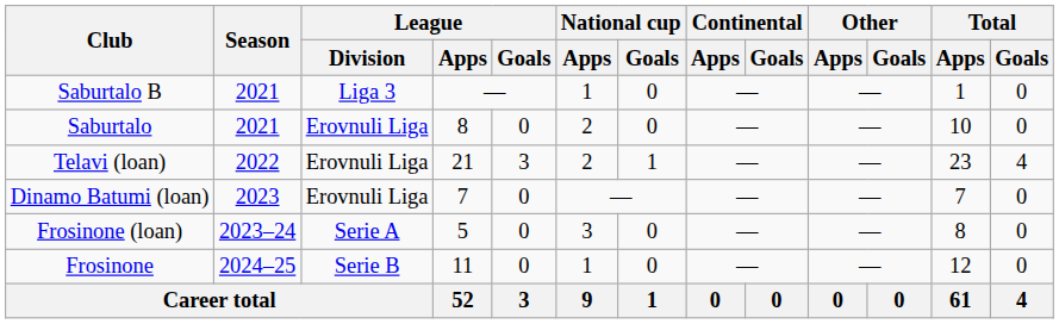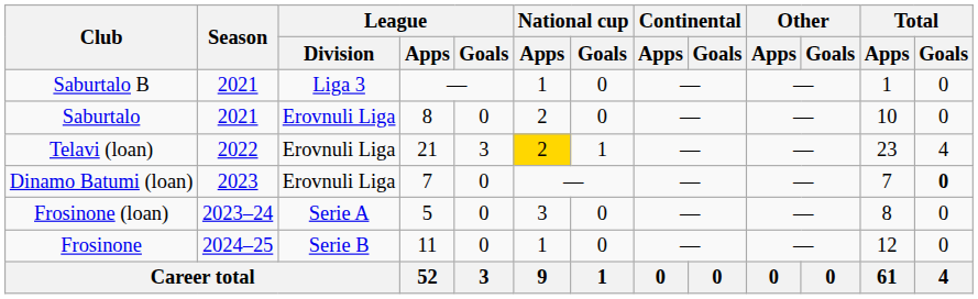 <table class="wikitable" style="text-align:center">
 <tr>
 <th rowspan="2">Club</th>
 <th rowspan="2">Season</th>
 <th colspan="3">League</th>
 <th colspan="2">National cup</th>
 <th colspan="2">Continental</th>
 <th colspan="2">Other</th>
 <th colspan="2">Total</th>
 </tr>
 <tr>
 <th>Division</th>
 <th>Apps</th>
 <th>Goals</th>
 <th>Apps</th>
 <th>Goals</th>
 <th>Apps</th>
 <th>Goals</th>
 <th>Apps</th>
 <th>Goals</th>
 <th>Apps</th>
 <th>Goals</th>
 </tr>
 <tr>
 <td><a href='#'>Saburtalo</a> B</td>
 <td><a href='#'>2021</a></td>
 <td><a href='#'>Liga 3</a></td>
 <td colspan="2">—</td>
 <td>1</td>
 <td>0</td>
 <td colspan="2">—</td>
 <td colspan="2">—</td>
 <td>1</td>
 <td>0</td>
 </tr>
 <tr>
 <td><a href='#'>Saburtalo</a></td>
 <td><a href='#'>2021</a></td>
 <td><a href='#'>Erovnuli Liga</a></td>
 <td>8</td>
 <td>0</td>
 <td>2</td>
 <td>0</td>
 <td colspan="2">—</td>
 <td colspan="2">—</td>
 <td>10</td>
 <td>0</td>
 </tr>
 <tr>
 <td><a href='#'>Telavi</a> (loan)</td>
 <td><a href='#'>2022</a></td>
 <td>Erovnuli Liga</td>
 <td>21</td>
 <td>3</td>
-<td>2</td>
+<td style="background: gold;">2</td>
 <td>1</td>
 <td colspan="2">—</td>
 <td colspan="2">—</td>
 <td>23</td>
 <td>4</td>
 </tr>
 <tr>
 <td><a href='#'>Dinamo Batumi</a> (loan)</td>
 <td><a href='#'>2023</a></td>
 <td>Erovnuli Liga</td>
 <td>7</td>
 <td>0</td>
 <td colspan="2">—</td>
 <td colspan="2">—</td>
 <td colspan="2">—</td>
 <td>7</td>
-<td>0</td>
+<td><strong>0</strong></td>
 </tr>
 <tr>
 <td><a href='#'>Frosinone</a> (loan)</td>
 <td><a href='#'>2023–24</a></td>
 <td><a href='#'>Serie A</a></td>
 <td>5</td>
 <td>0</td>
 <td>3</td>
 <td>0</td>
 <td colspan="2">—</td>
 <td colspan="2">—</td>
 <td>8</td>
 <td>0</td>
 </tr>
 <tr>
 <td><a href='#'>Frosinone</a></td>
 <td><a href='#'>2024–25</a></td>
 <td><a href='#'>Serie B</a></td>
 <td>11</td>
 <td>0</td>
 <td>1</td>
 <td>0</td>
 <td colspan="2">—</td>
 <td colspan="2">—</td>
 <td>12</td>
 <td>0</td>
 </tr>
 <tr>
 <th colspan="3">Career total</th>
 <th>52</th>
 <th>3</th>
 <th>9</th>
 <th>1</th>
 <th>0</th>
 <th>0</th>
 <th>0</th>
 <th>0</th>
 <th>61</th>
 <th>4</th>
 </tr>
 </table>
